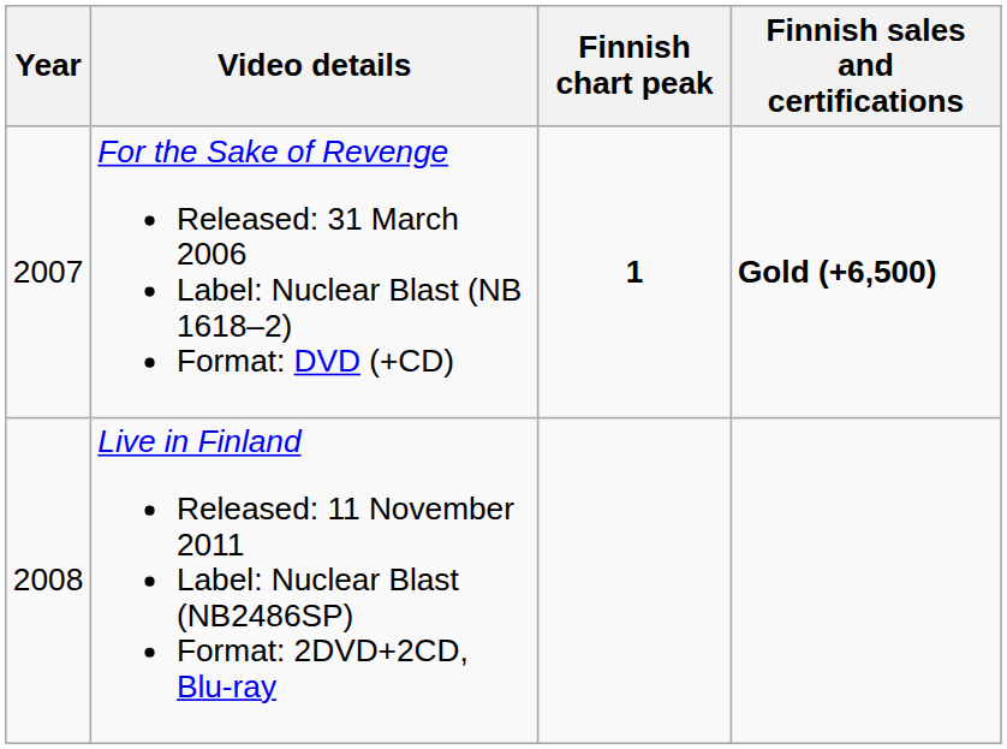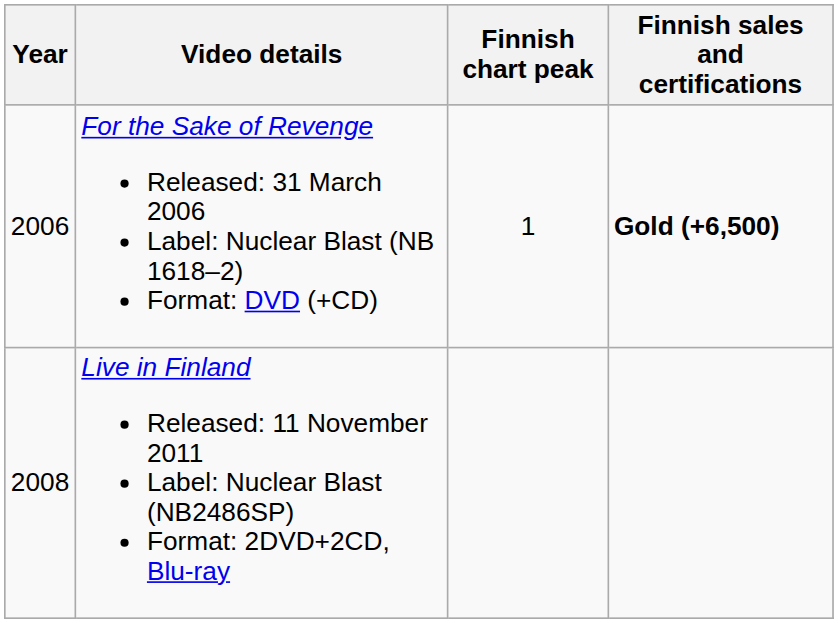 <table class="wikitable" border="1">
 <tr>
 <th>Year</th>
 <th width="220">Video details</th>
 <th width="90">Finnish<br>chart peak</th>
 <th width="130">Finnish sales <br>and certifications</th>
 </tr>
 <tr>
-<td>2007</td>
+<td>2006</td>
 <td><em><a href='#'>For the Sake of Revenge</a></em><br><ul><li>Released: 31 March 2006</li><li>Label: Nuclear Blast (NB 1618–2)</li><li>Format: <a href='#'>DVD</a> (+CD)</li></ul></td>
-<td align="center"><strong>1</strong></td>
+<td align="center">1</td>
 <td><strong>Gold (+6,500)</strong></td>
 </tr>
 <tr>
 <td>2008</td>
 <td><em><a href='#'>Live in Finland</a></em><br><ul><li>Released: 11 November 2011</li><li>Label: Nuclear Blast (NB2486SP)</li><li>Format: 2DVD+2CD, <a href='#'>Blu-ray</a></li></ul></td>
 <td align="center"></td>
 <td></td>
 </tr>
 </table>
